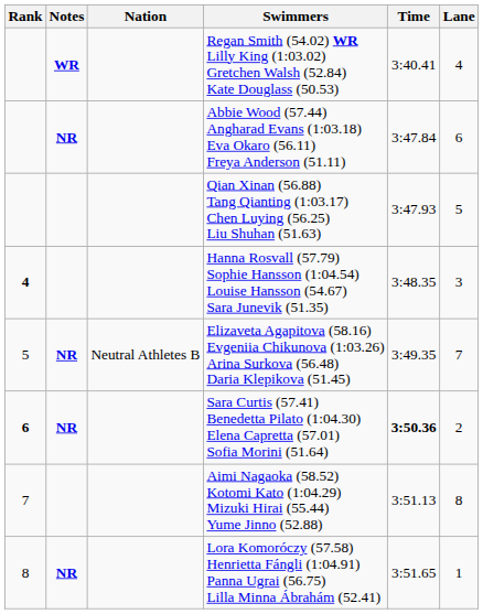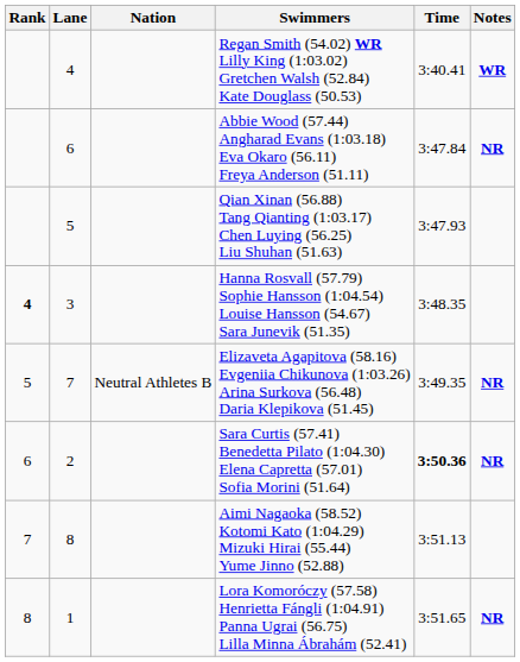 <table class="wikitable sortable" style="text-align:center">
 <tr>
 <th>Rank</th>
-<th>Notes</th>
+<th>Lane</th>
 <th>Nation</th>
 <th>Swimmers</th>
 <th>Time</th>
-<th>Lane</th>
+<th>Notes</th>
 </tr>
 <tr>
 <td></td>
-<td><strong><a href='#'>WR</a></strong></td>
+<td>4</td>
 <td align=left></td>
 <td align=left><a href='#'>Regan Smith</a> (54.02) <strong><a href='#'>WR</a></strong><br><a href='#'>Lilly King</a> (1:03.02)<br><a href='#'>Gretchen Walsh</a> (52.84)<br><a href='#'>Kate Douglass</a> (50.53)</td>
 <td>3:40.41</td>
-<td>4</td>
+<td><strong><a href='#'>WR</a></strong></td>
 </tr>
 <tr>
 <td></td>
-<td><strong><a href='#'>NR</a></strong></td>
+<td>6</td>
 <td align=left></td>
 <td align=left><a href='#'>Abbie Wood</a> (57.44)<br><a href='#'>Angharad Evans</a> (1:03.18)<br><a href='#'>Eva Okaro</a> (56.11)<br><a href='#'>Freya Anderson</a> (51.11)</td>
 <td>3:47.84</td>
-<td>6</td>
+<td><strong><a href='#'>NR</a></strong></td>
 </tr>
 <tr>
 <td></td>
-<td></td>
+<td>5</td>
 <td align=left></td>
 <td align=left><a href='#'>Qian Xinan</a> (56.88)<br><a href='#'>Tang Qianting</a> (1:03.17)<br><a href='#'>Chen Luying</a> (56.25)<br><a href='#'>Liu Shuhan</a> (51.63)</td>
 <td>3:47.93</td>
-<td>5</td>
+<td></td>
 </tr>
 <tr>
 <td><strong>4</strong></td>
-<td></td>
+<td>3</td>
 <td align=left></td>
 <td align=left><a href='#'>Hanna Rosvall</a> (57.79)<br><a href='#'>Sophie Hansson</a> (1:04.54)<br><a href='#'>Louise Hansson</a> (54.67)<br><a href='#'>Sara Junevik</a> (51.35)</td>
 <td>3:48.35</td>
-<td>3</td>
+<td></td>
 </tr>
 <tr>
 <td>5</td>
-<td><strong><a href='#'>NR</a></strong></td>
+<td>7</td>
 <td align=left> Neutral Athletes B</td>
 <td align=left><a href='#'>Elizaveta Agapitova</a> (58.16)<br><a href='#'>Evgeniia Chikunova</a> (1:03.26)<br><a href='#'>Arina Surkova</a> (56.48)<br><a href='#'>Daria Klepikova</a> (51.45)</td>
 <td>3:49.35</td>
-<td>7</td>
+<td><strong><a href='#'>NR</a></strong></td>
 </tr>
 <tr>
-<td><strong>6</strong></td>
-<td><strong><a href='#'>NR</a></strong></td>
+<td>6</td>
+<td>2</td>
 <td align=left></td>
 <td align=left><a href='#'>Sara Curtis</a> (57.41)<br><a href='#'>Benedetta Pilato</a> (1:04.30)<br><a href='#'>Elena Capretta</a> (57.01)<br><a href='#'>Sofia Morini</a> (51.64)</td>
 <td><strong>3:50.36</strong></td>
-<td>2</td>
+<td><strong><a href='#'>NR</a></strong></td>
 </tr>
 <tr>
 <td>7</td>
-<td></td>
+<td>8</td>
 <td align=left></td>
 <td align=left><a href='#'>Aimi Nagaoka</a> (58.52)<br><a href='#'>Kotomi Kato</a> (1:04.29)<br><a href='#'>Mizuki Hirai</a> (55.44)<br><a href='#'>Yume Jinno</a> (52.88)</td>
 <td>3:51.13</td>
-<td>8</td>
+<td></td>
 </tr>
 <tr>
 <td>8</td>
-<td><strong><a href='#'>NR</a></strong></td>
+<td>1</td>
 <td align=left></td>
 <td align=left><a href='#'>Lora Komoróczy</a> (57.58)<br><a href='#'>Henrietta Fángli</a> (1:04.91)<br><a href='#'>Panna Ugrai</a> (56.75)<br><a href='#'>Lilla Minna Ábrahám</a> (52.41)</td>
 <td>3:51.65</td>
-<td>1</td>
+<td><strong><a href='#'>NR</a></strong></td>
 </tr>
 </table>
